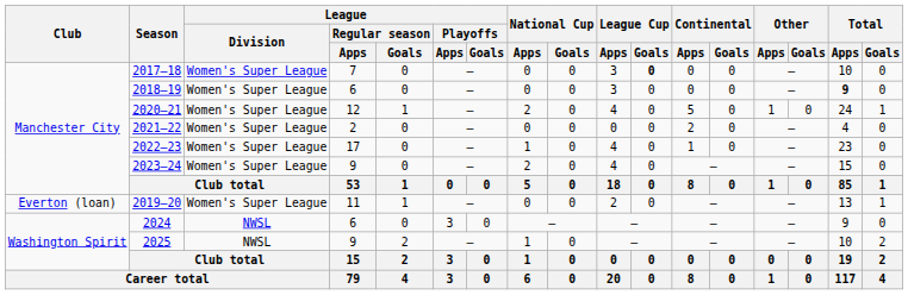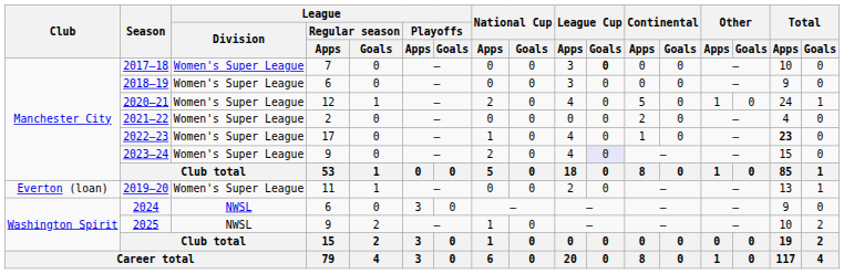 <table class="wikitable" style="text-align:center">
 <tr>
 <th rowspan="3">Club</th>
 <th rowspan="3">Season</th>
 <th colspan="5">League</th>
 <th rowspan="2" colspan="2">National Cup</th>
 <th rowspan="2" colspan="2">League Cup</th>
 <th rowspan="2" colspan="2">Continental</th>
 <th rowspan="2" colspan="2">Other</th>
 <th rowspan="2" colspan="2">Total</th>
 </tr>
 <tr>
 <th rowspan="2">Division</th>
 <th colspan="2">Regular season</th>
 <th colspan="2">Playoffs</th>
 </tr>
 <tr>
 <th>Apps</th>
 <th>Goals</th>
 <th>Apps</th>
 <th>Goals</th>
 <th>Apps</th>
 <th>Goals</th>
 <th>Apps</th>
 <th>Goals</th>
 <th>Apps</th>
 <th>Goals</th>
 <th>Apps</th>
 <th>Goals</th>
 <th>Apps</th>
 <th>Goals</th>
 </tr>
 <tr>
 <td rowspan="7"><a href='#'>Manchester City</a></td>
 <td><a href='#'>2017–18</a></td>
 <td><a href='#'>Women's Super League</a></td>
 <td>7</td>
 <td>0</td>
 <td colspan="2">—</td>
 <td>0</td>
 <td>0</td>
 <td>3</td>
 <td><strong>0</strong></td>
 <td>0</td>
 <td>0</td>
 <td colspan="2">—</td>
 <td>10</td>
 <td>0</td>
 </tr>
 <tr>
 <td><a href='#'>2018–19</a></td>
 <td>Women's Super League</td>
 <td>6</td>
 <td>0</td>
 <td colspan="2">—</td>
 <td>0</td>
 <td>0</td>
 <td>3</td>
 <td>0</td>
 <td>0</td>
 <td>0</td>
 <td colspan="2">—</td>
-<td><strong>9</strong></td>
+<td>9</td>
 <td>0</td>
 </tr>
 <tr>
 <td><a href='#'>2020–21</a></td>
 <td>Women's Super League</td>
 <td>12</td>
 <td>1</td>
 <td colspan="2">—</td>
 <td>2</td>
 <td>0</td>
 <td>4</td>
 <td>0</td>
 <td>5</td>
 <td>0</td>
 <td>1</td>
 <td>0</td>
 <td>24</td>
 <td>1</td>
 </tr>
 <tr>
 <td><a href='#'>2021–22</a></td>
 <td>Women's Super League</td>
 <td>2</td>
 <td>0</td>
 <td colspan="2">—</td>
 <td>0</td>
 <td>0</td>
 <td>0</td>
 <td>0</td>
 <td>2</td>
 <td>0</td>
 <td colspan="2">—</td>
 <td>4</td>
 <td>0</td>
 </tr>
 <tr>
 <td><a href='#'>2022–23</a></td>
 <td>Women's Super League</td>
 <td>17</td>
 <td>0</td>
 <td colspan="2">—</td>
 <td>1</td>
 <td>0</td>
 <td>4</td>
 <td>0</td>
 <td>1</td>
 <td>0</td>
 <td colspan="2">—</td>
-<td>23</td>
+<td><strong>23</strong></td>
 <td>0</td>
 </tr>
 <tr>
 <td><a href='#'>2023–24</a></td>
 <td>Women's Super League</td>
 <td>9</td>
 <td>0</td>
 <td colspan="2">—</td>
 <td>2</td>
 <td>0</td>
 <td>4</td>
-<td>0</td>
+<td style="background: lavender;">0</td>
 <td colspan="2">—</td>
 <td colspan="2">—</td>
 <td>15</td>
 <td>0</td>
 </tr>
 <tr>
 <th colspan="2">Club total</th>
 <th>53</th>
 <th>1</th>
 <th>0</th>
 <th>0</th>
 <th>5</th>
 <th>0</th>
 <th>18</th>
 <th>0</th>
 <th>8</th>
 <th>0</th>
 <th>1</th>
 <th>0</th>
 <th>85</th>
 <th>1</th>
 </tr>
 <tr>
 <td><a href='#'>Everton</a> (loan)</td>
 <td><a href='#'>2019–20</a></td>
 <td>Women's Super League</td>
 <td>11</td>
 <td>1</td>
 <td colspan="2">—</td>
 <td>0</td>
 <td>0</td>
 <td>2</td>
 <td>0</td>
 <td colspan="2">—</td>
 <td colspan="2">—</td>
 <td>13</td>
 <td>1</td>
 </tr>
 <tr>
 <td rowspan="3"><a href='#'>Washington Spirit</a></td>
 <td><a href='#'>2024</a></td>
 <td><a href='#'>NWSL</a></td>
 <td>6</td>
 <td>0</td>
 <td>3</td>
 <td>0</td>
 <td colspan="2">—</td>
 <td colspan="2">—</td>
 <td colspan="2">—</td>
 <td colspan="2">—</td>
 <td>9</td>
 <td>0</td>
 </tr>
 <tr>
 <td><a href='#'>2025</a></td>
 <td>NWSL</td>
 <td>9</td>
 <td>2</td>
 <td colspan="2">—</td>
 <td>1</td>
 <td>0</td>
 <td colspan="2">—</td>
 <td colspan="2">—</td>
 <td colspan="2">—</td>
 <td>10</td>
 <td>2</td>
 </tr>
 <tr>
 <th colspan="2">Club total</th>
 <th>15</th>
 <th>2</th>
 <th>3</th>
 <th>0</th>
 <th>1</th>
 <th>0</th>
 <th>0</th>
 <th>0</th>
 <th>0</th>
 <th>0</th>
 <th>0</th>
 <th>0</th>
 <th>19</th>
 <th>2</th>
 </tr>
 <tr>
 <th colspan="3">Career total</th>
 <th>79</th>
 <th>4</th>
 <th>3</th>
 <th>0</th>
 <th>6</th>
 <th>0</th>
 <th>20</th>
 <th>0</th>
 <th>8</th>
 <th>0</th>
 <th>1</th>
 <th>0</th>
 <th>117</th>
 <th>4</th>
 </tr>
 </table>
